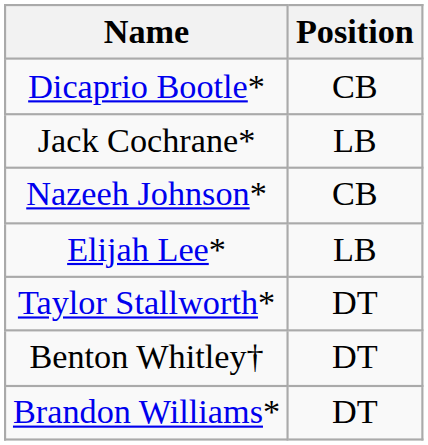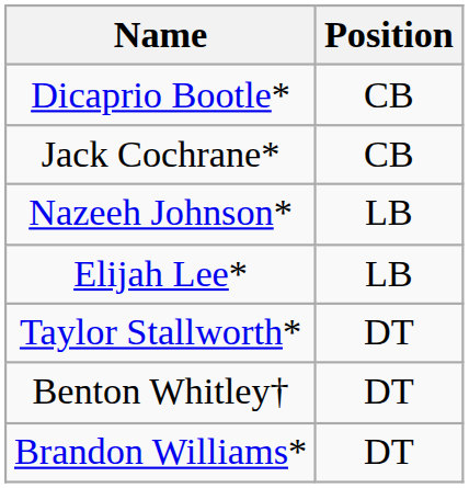 <table class="wikitable" style="text-align:center">
 <tr>
 <th>Name</th>
 <th>Position</th>
 </tr>
 <tr>
 <td><a href='#'>Dicaprio Bootle</a>*</td>
 <td>CB</td>
 </tr>
 <tr>
 <td>Jack Cochrane*</td>
-<td>LB</td>
+<td>CB</td>
 </tr>
 <tr>
 <td><a href='#'>Nazeeh Johnson</a>*</td>
-<td>CB</td>
+<td>LB</td>
 </tr>
 <tr>
 <td><a href='#'>Elijah Lee</a>*</td>
 <td>LB</td>
 </tr>
 <tr>
 <td><a href='#'>Taylor Stallworth</a>*</td>
 <td>DT</td>
 </tr>
 <tr>
 <td>Benton Whitley†</td>
 <td>DT</td>
 </tr>
 <tr>
 <td><a href='#'>Brandon Williams</a>*</td>
 <td>DT</td>
 </tr>
 </table>
